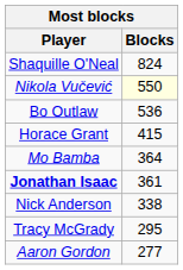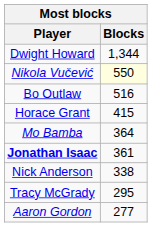 <table class="wikitable sortable" style="text-align:center">
 <tr>
 <th colspan="2" style="text-align:center; ">Most blocks</th>
 </tr>
 <tr>
 <th style="text-align:center; ">Player</th>
 <th style="text-align:center; ">Blocks</th>
 </tr>
 <tr>
-<td><a href='#'>Shaquille O'Neal</a></td>
-<td>824</td>
+<td><a href='#'>Dwight Howard</a></td>
+<td>1,344</td>
 </tr>
 <tr>
 <td><em><a href='#'>Nikola Vučević</a></em></td>
 <td style="background: lightyellow;">550</td>
 </tr>
 <tr>
 <td><a href='#'>Bo Outlaw</a></td>
-<td>536</td>
+<td>516</td>
 </tr>
 <tr>
 <td><a href='#'>Horace Grant</a></td>
 <td>415</td>
 </tr>
 <tr>
 <td><em><a href='#'>Mo Bamba</a></em></td>
 <td>364</td>
 </tr>
 <tr>
 <td><strong><a href='#'>Jonathan Isaac</a></strong></td>
 <td>361</td>
 </tr>
 <tr>
 <td><a href='#'>Nick Anderson</a></td>
 <td>338</td>
 </tr>
 <tr>
 <td><a href='#'>Tracy McGrady</a></td>
 <td>295</td>
 </tr>
 <tr>
 <td><em><a href='#'>Aaron Gordon</a></em></td>
 <td>277</td>
 </tr>
 </table>
